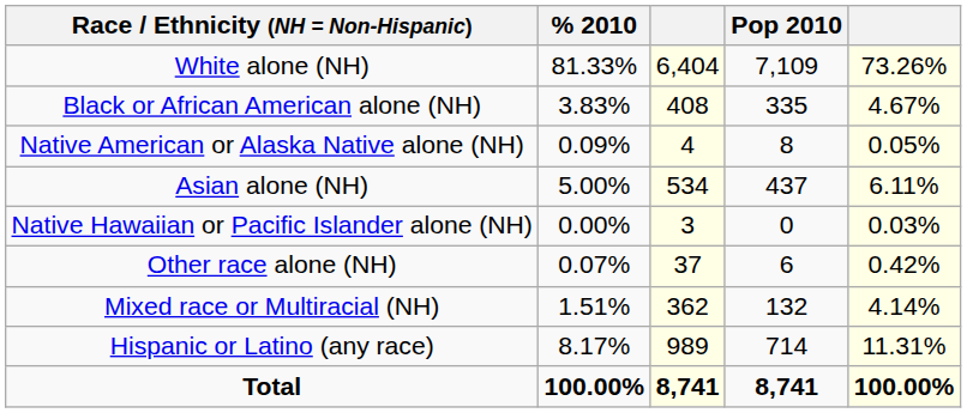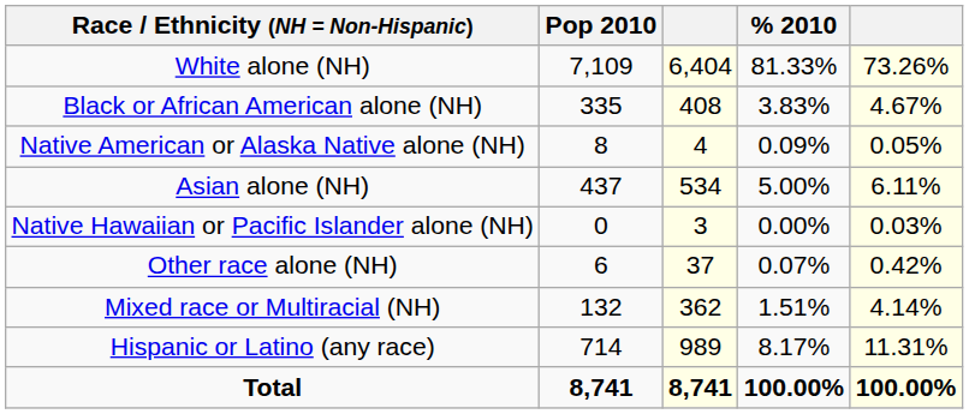 <table class="wikitable" style="text-align:center;">
 <tr>
 <th>Race / Ethnicity <small>(<em>NH = Non-Hispanic</em>)</small></th>
+<th>Pop 2010</th>
+<th></th>
 <th>% 2010</th>
-<th></th>
-<th>Pop 2010</th>
 <th></th>
 </tr>
 <tr>
 <td><a href='#'>White</a> alone (NH)</td>
+<td>7,109</td>
+<td style='background: #ffffe6;'>6,404</td>
 <td>81.33%</td>
-<td style='background: #ffffe6;'>6,404</td>
-<td>7,109</td>
 <td style='background: #ffffe6;'>73.26%</td>
 </tr>
 <tr>
 <td><a href='#'>Black or African American</a> alone (NH)</td>
+<td>335</td>
+<td style='background: #ffffe6;'>408</td>
 <td>3.83%</td>
-<td style='background: #ffffe6;'>408</td>
-<td>335</td>
 <td style='background: #ffffe6;'>4.67%</td>
 </tr>
 <tr>
 <td><a href='#'>Native American</a> or <a href='#'>Alaska Native</a> alone (NH)</td>
+<td>8</td>
+<td style='background: #ffffe6;'>4</td>
 <td>0.09%</td>
-<td style='background: #ffffe6;'>4</td>
-<td>8</td>
 <td style='background: #ffffe6;'>0.05%</td>
 </tr>
 <tr>
 <td><a href='#'>Asian</a> alone (NH)</td>
+<td>437</td>
+<td style='background: #ffffe6;'>534</td>
 <td>5.00%</td>
-<td style='background: #ffffe6;'>534</td>
-<td>437</td>
 <td style='background: #ffffe6;'>6.11%</td>
 </tr>
 <tr>
 <td><a href='#'>Native Hawaiian</a> or <a href='#'>Pacific Islander</a> alone (NH)</td>
+<td>0</td>
+<td style='background: #ffffe6;'>3</td>
 <td>0.00%</td>
-<td style='background: #ffffe6;'>3</td>
-<td>0</td>
 <td style='background: #ffffe6;'>0.03%</td>
 </tr>
 <tr>
 <td><a href='#'>Other race</a> alone (NH)</td>
+<td>6</td>
+<td style='background: #ffffe6;'>37</td>
 <td>0.07%</td>
-<td style='background: #ffffe6;'>37</td>
-<td>6</td>
 <td style='background: #ffffe6;'>0.42%</td>
 </tr>
 <tr>
 <td><a href='#'>Mixed race or Multiracial</a> (NH)</td>
+<td>132</td>
+<td style='background: #ffffe6;'>362</td>
 <td>1.51%</td>
-<td style='background: #ffffe6;'>362</td>
-<td>132</td>
 <td style='background: #ffffe6;'>4.14%</td>
 </tr>
 <tr>
 <td><a href='#'>Hispanic or Latino</a> (any race)</td>
+<td>714</td>
+<td style='background: #ffffe6;'>989</td>
 <td>8.17%</td>
-<td style='background: #ffffe6;'>989</td>
-<td>714</td>
 <td style='background: #ffffe6;'>11.31%</td>
 </tr>
 <tr>
 <td><strong>Total</strong></td>
+<td><strong>8,741</strong></td>
+<td style='background: #ffffe6;'><strong>8,741</strong></td>
 <td><strong>100.00%</strong></td>
-<td style='background: #ffffe6;'><strong>8,741</strong></td>
-<td><strong>8,741</strong></td>
 <td style='background: #ffffe6;'><strong>100.00%</strong></td>
 </tr>
 </table>
